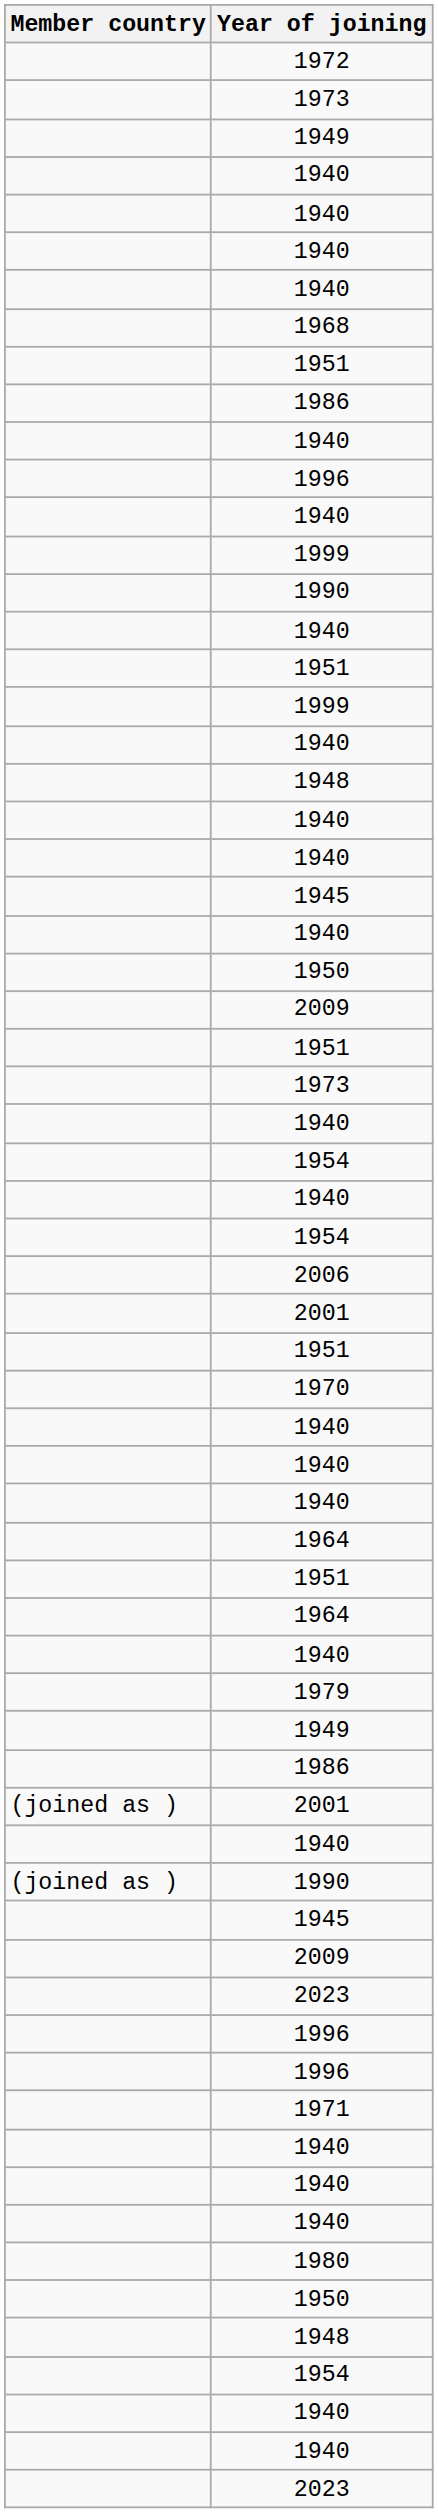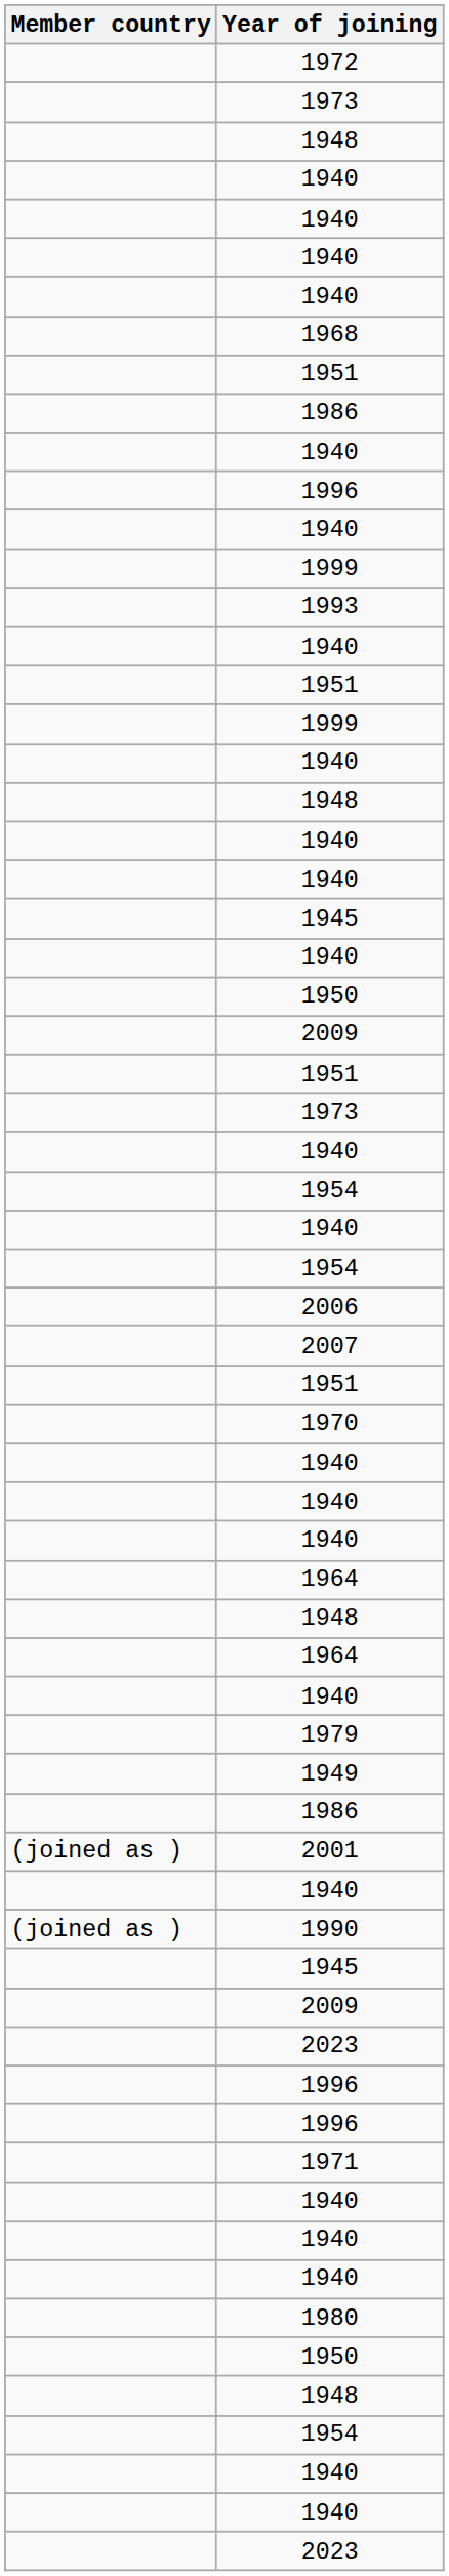 <table class="sortable wikitable">
 <tr>
 <th scope="col">Member country</th>
 <th scope="col">Year of joining</th>
 </tr>
 <tr>
 <td></td>
 <td align="center">1972</td>
 </tr>
 <tr>
 <td></td>
 <td align="center">1973</td>
 </tr>
 <tr>
 <td></td>
-<td align="center">1949</td>
+<td align="center">1948</td>
 </tr>
 <tr>
 <td></td>
 <td align="center">1940</td>
 </tr>
 <tr>
 <td></td>
 <td align="center">1940</td>
 </tr>
 <tr>
 <td></td>
 <td align="center">1940</td>
 </tr>
 <tr>
 <td></td>
 <td align="center">1940</td>
 </tr>
 <tr>
 <td></td>
 <td align="center">1968</td>
 </tr>
 <tr>
 <td></td>
 <td align="center">1951</td>
 </tr>
 <tr>
 <td></td>
 <td align="center">1986</td>
 </tr>
 <tr>
 <td></td>
 <td align="center">1940</td>
 </tr>
 <tr>
 <td></td>
 <td align="center">1996</td>
 </tr>
 <tr>
 <td></td>
 <td align="center">1940</td>
 </tr>
 <tr>
 <td></td>
 <td align="center">1999</td>
 </tr>
 <tr>
 <td></td>
-<td align="center">1990</td>
+<td align="center">1993</td>
 </tr>
 <tr>
 <td></td>
 <td align="center">1940</td>
 </tr>
 <tr>
 <td></td>
 <td align="center">1951</td>
 </tr>
 <tr>
 <td></td>
 <td align="center">1999</td>
 </tr>
 <tr>
 <td></td>
 <td align="center">1940</td>
 </tr>
 <tr>
 <td></td>
 <td align="center">1948</td>
 </tr>
 <tr>
 <td></td>
 <td align="center">1940</td>
 </tr>
 <tr>
 <td></td>
 <td align="center">1940</td>
 </tr>
 <tr>
 <td></td>
 <td align="center">1945</td>
 </tr>
 <tr>
 <td></td>
 <td align="center">1940</td>
 </tr>
 <tr>
 <td></td>
 <td align="center">1950</td>
 </tr>
 <tr>
 <td></td>
 <td align="center">2009</td>
 </tr>
 <tr>
 <td></td>
 <td align="center">1951</td>
 </tr>
 <tr>
 <td></td>
 <td align="center">1973</td>
 </tr>
 <tr>
 <td></td>
 <td align="center">1940</td>
 </tr>
 <tr>
 <td></td>
 <td align="center">1954</td>
 </tr>
 <tr>
 <td></td>
 <td align="center">1940</td>
 </tr>
 <tr>
 <td></td>
 <td align="center">1954</td>
 </tr>
 <tr>
 <td></td>
 <td align="center">2006</td>
 </tr>
 <tr>
 <td></td>
-<td align="center">2001</td>
+<td align="center">2007</td>
 </tr>
 <tr>
 <td></td>
 <td align="center">1951</td>
 </tr>
 <tr>
 <td></td>
 <td align="center">1970</td>
 </tr>
 <tr>
 <td></td>
 <td align="center">1940</td>
 </tr>
 <tr>
 <td></td>
 <td align="center">1940</td>
 </tr>
 <tr>
 <td></td>
 <td align="center">1940</td>
 </tr>
 <tr>
 <td></td>
 <td align="center">1964</td>
 </tr>
 <tr>
 <td></td>
-<td align="center">1951</td>
+<td align="center">1948</td>
 </tr>
 <tr>
 <td></td>
 <td align="center">1964</td>
 </tr>
 <tr>
 <td></td>
 <td align="center">1940</td>
 </tr>
 <tr>
 <td></td>
 <td align="center">1979</td>
 </tr>
 <tr>
 <td></td>
 <td align="center">1949</td>
 </tr>
 <tr>
 <td></td>
 <td align="center">1986</td>
 </tr>
 <tr>
 <td> (joined as )</td>
 <td align="center">2001</td>
 </tr>
 <tr>
 <td></td>
 <td align="center">1940</td>
 </tr>
 <tr>
 <td> (joined as )</td>
 <td align="center">1990</td>
 </tr>
 <tr>
 <td></td>
 <td align="center">1945</td>
 </tr>
 <tr>
 <td></td>
 <td align="center">2009</td>
 </tr>
 <tr>
 <td></td>
 <td align="center">2023</td>
 </tr>
 <tr>
 <td></td>
 <td align="center">1996</td>
 </tr>
 <tr>
 <td></td>
 <td align="center">1996</td>
 </tr>
 <tr>
 <td></td>
 <td align="center">1971</td>
 </tr>
 <tr>
 <td></td>
 <td align="center">1940</td>
 </tr>
 <tr>
 <td></td>
 <td align="center">1940</td>
 </tr>
 <tr>
 <td></td>
 <td align="center">1940</td>
 </tr>
 <tr>
 <td></td>
 <td align="center">1980</td>
 </tr>
 <tr>
 <td></td>
 <td align="center">1950</td>
 </tr>
 <tr>
 <td></td>
 <td align="center">1948</td>
 </tr>
 <tr>
 <td></td>
 <td align="center">1954</td>
 </tr>
 <tr>
 <td></td>
 <td align="center">1940</td>
 </tr>
 <tr>
 <td></td>
 <td align="center">1940</td>
 </tr>
 <tr>
 <td></td>
 <td align="center">2023</td>
 </tr>
 </table>
